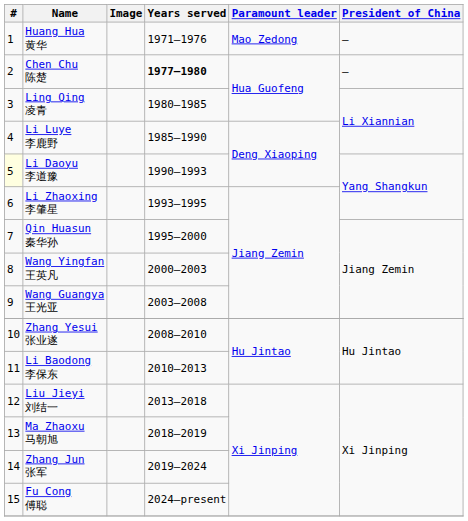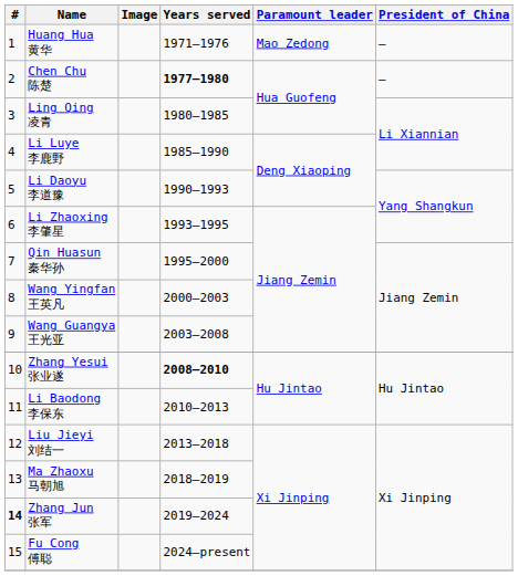 <table class="wikitable">
 <tr>
 <th>#</th>
 <th>Name</th>
 <th>Image</th>
 <th>Years served</th>
 <th><a href='#'>Paramount leader</a></th>
 <th><a href='#'>President of China</a><br></th>
 </tr>
 <tr>
 <td>1</td>
 <td><a href='#'>Huang Hua</a><br>黄华</td>
 <td></td>
 <td>1971–1976</td>
 <td><a href='#'>Mao Zedong</a></td>
 <td>–</td>
 </tr>
 <tr>
 <td>2</td>
 <td><a href='#'>Chen Chu</a><br>陈楚</td>
 <td></td>
 <td><strong>1977–1980</strong></td>
 <td rowspan="2"><a href='#'>Hua Guofeng</a></td>
 <td>–</td>
 </tr>
 <tr>
 <td>3</td>
 <td><a href='#'>Ling Qing</a><br>凌青</td>
 <td></td>
 <td>1980–1985</td>
 <td rowspan="2"><a href='#'>Li Xiannian</a></td>
 </tr>
 <tr>
 <td>4</td>
 <td><a href='#'>Li Luye</a><br>李鹿野</td>
 <td></td>
 <td>1985–1990</td>
 <td rowspan="2"><a href='#'>Deng Xiaoping</a></td>
 </tr>
 <tr>
-<td style="background: lightyellow;">5</td>
+<td>5</td>
 <td><a href='#'>Li Daoyu</a><br>李道豫</td>
 <td></td>
 <td>1990–1993</td>
 <td rowspan="2"><a href='#'>Yang Shangkun</a></td>
 </tr>
 <tr>
 <td>6</td>
 <td><a href='#'>Li Zhaoxing</a><br>李肇星</td>
 <td></td>
 <td>1993–1995</td>
 <td rowspan="4"><a href='#'>Jiang Zemin</a></td>
 </tr>
 <tr>
 <td>7</td>
 <td><a href='#'>Qin Huasun</a><br>秦华孙</td>
 <td></td>
 <td>1995–2000</td>
 <td rowspan="3">Jiang Zemin</td>
 </tr>
 <tr>
 <td>8</td>
 <td><a href='#'>Wang Yingfan</a><br>王英凡</td>
 <td></td>
 <td>2000–2003</td>
 </tr>
 <tr>
 <td>9</td>
 <td><a href='#'>Wang Guangya</a><br>王光亚</td>
 <td></td>
 <td>2003–2008</td>
 </tr>
 <tr>
 </tr>
 <tr>
 <td>10</td>
 <td><a href='#'>Zhang Yesui</a><br>张业遂</td>
 <td></td>
-<td>2008–2010</td>
+<td><strong>2008–2010</strong></td>
 <td rowspan="2"><a href='#'>Hu Jintao</a></td>
 <td rowspan="2">Hu Jintao</td>
 </tr>
 <tr>
 <td>11</td>
 <td><a href='#'>Li Baodong</a><br>李保东</td>
 <td></td>
 <td>2010–2013</td>
 </tr>
 <tr>
 <td>12</td>
 <td><a href='#'>Liu Jieyi</a><br>刘结一</td>
 <td></td>
 <td>2013–2018</td>
 <td rowspan="4"><a href='#'>Xi Jinping</a></td>
 <td rowspan="4">Xi Jinping</td>
 </tr>
 <tr>
 <td>13</td>
 <td><a href='#'>Ma Zhaoxu</a><br>马朝旭</td>
 <td></td>
 <td>2018–2019</td>
 </tr>
 <tr>
-<td>14</td>
+<td><strong>14</strong></td>
 <td><a href='#'>Zhang Jun</a><br>张军</td>
 <td></td>
 <td>2019–2024</td>
 </tr>
 <tr>
 <td>15</td>
 <td><a href='#'>Fu Cong</a><br>傅聪</td>
 <td></td>
 <td>2024–present</td>
 </tr>
 <tr>
 </tr>
 </table>
